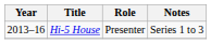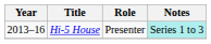 <table class="wikitable sortable">
 <tr>
 <th scope="col">Year</th>
 <th scope="col">Title</th>
 <th scope="col">Role</th>
 <th scope="col" class="unsortable">Notes</th>
 </tr>
 <tr>
 <td>2013–16</td>
 <td><em><a href='#'>Hi-5 House</a></em></td>
 <td>Presenter</td>
-<td>Series 1 to 3</td>
+<td style="background: paleturquoise;">Series 1 to 3</td>
 </tr>
 <tr>
 </tr>
 </table>
